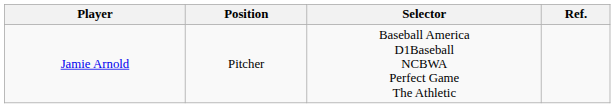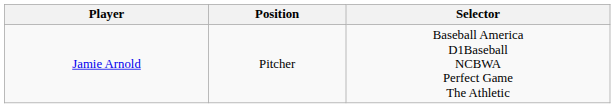 <table class="wikitable" style="width: 60%;text-align: center;">
 <tr>
 <th>Player</th>
 <th>Position</th>
 <th>Selector</th>
-<th>Ref.</th>
 </tr>
 <tr align="center">
 <td><a href='#'>Jamie Arnold</a></td>
 <td>Pitcher</td>
 <td>Baseball America<br>D1Baseball<br>NCBWA<br>Perfect Game<br>The Athletic</td>
-<td></td>
 </tr>
 </table>
